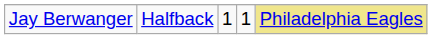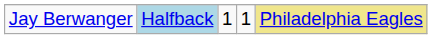 <table class="wikitable" style="text-align:center;">
 <tr>
 </tr>
 <tr>
 <td><a href='#'>Jay Berwanger</a></td>
-<td><a href='#'>Halfback</a></td>
+<td style="background: lightblue;"><a href='#'>Halfback</a></td>
 <td>1</td>
 <td>1</td>
 <td style="background: khaki;"><a href='#'>Philadelphia Eagles</a></td>
 </tr>
 </table>
